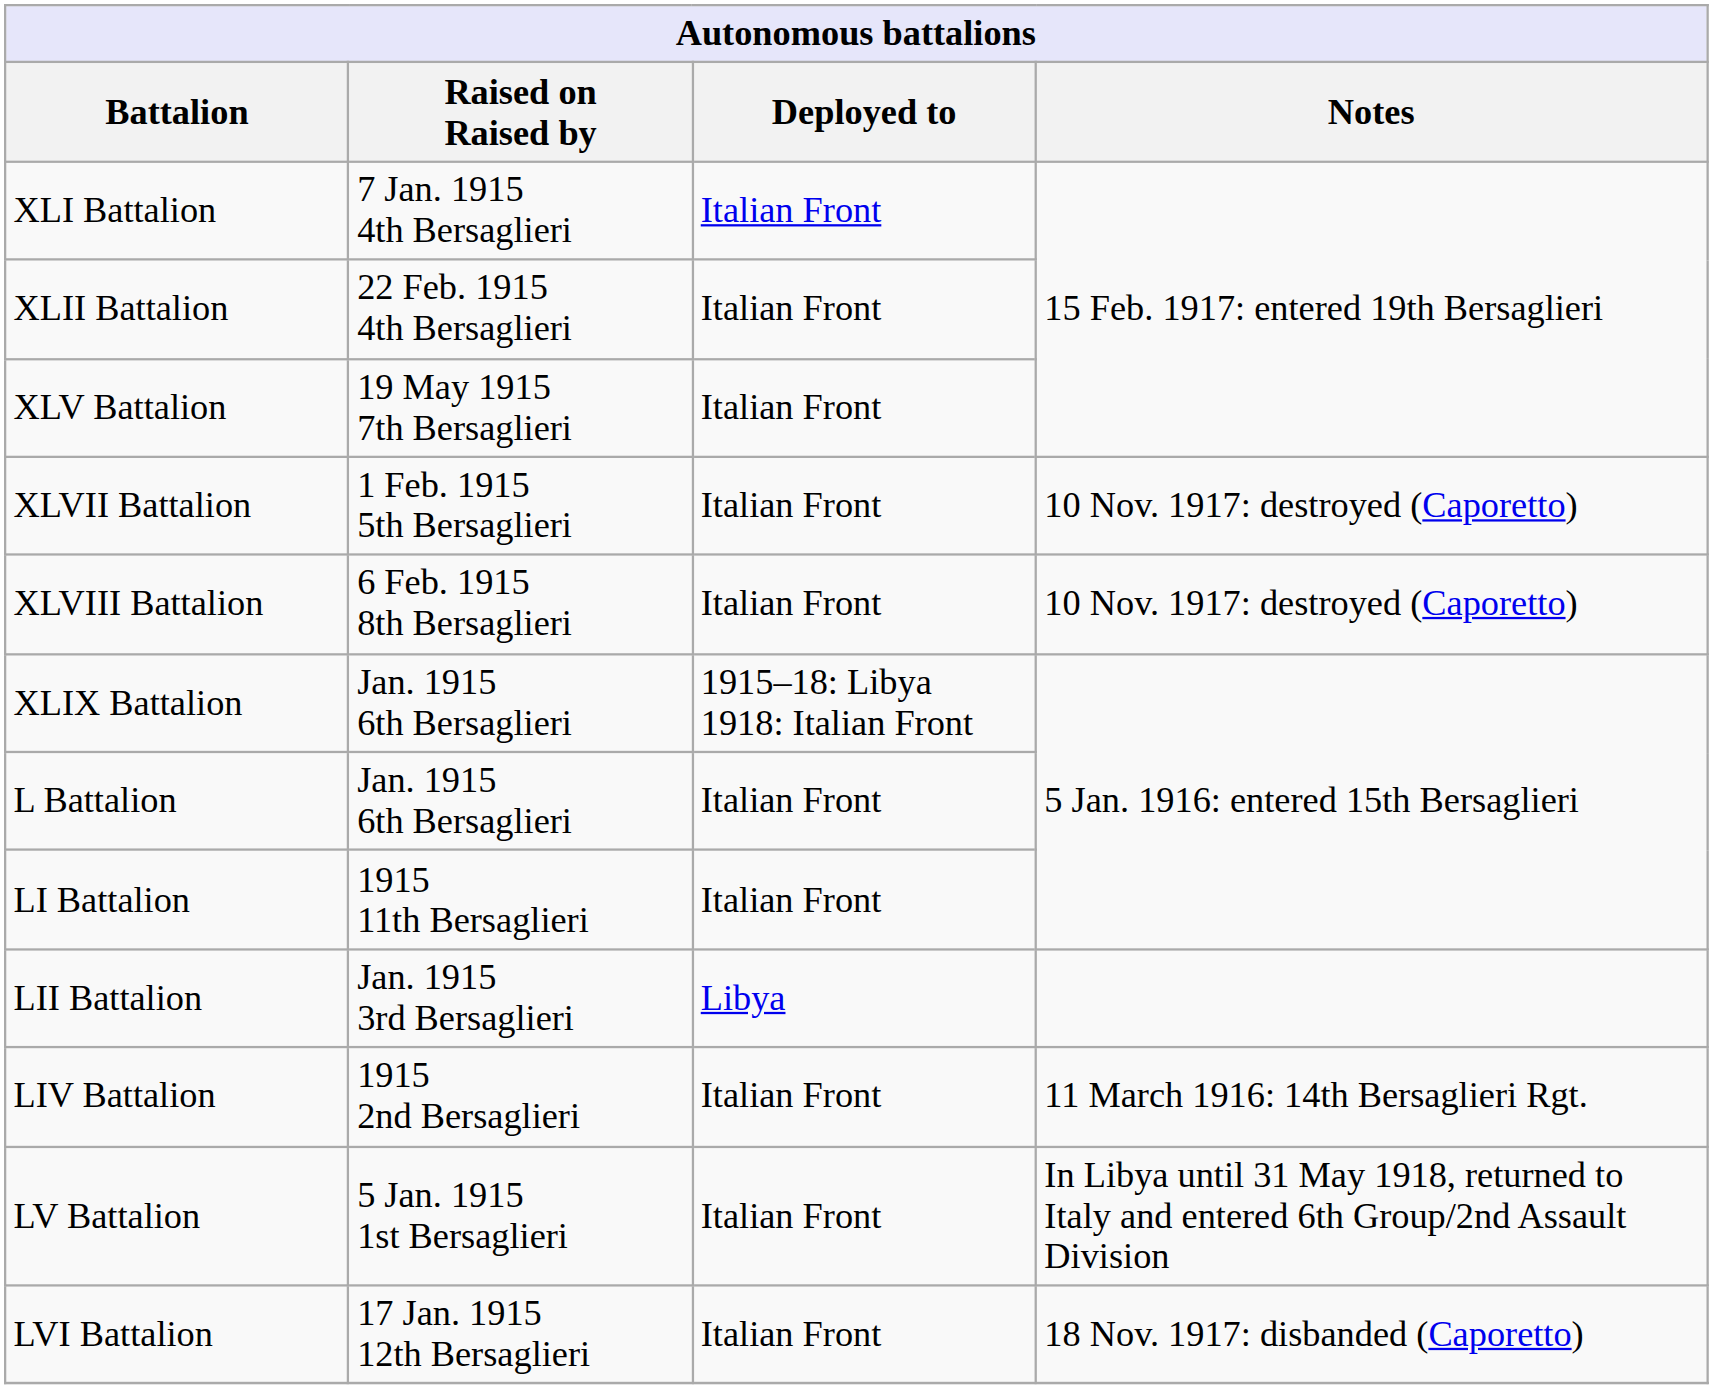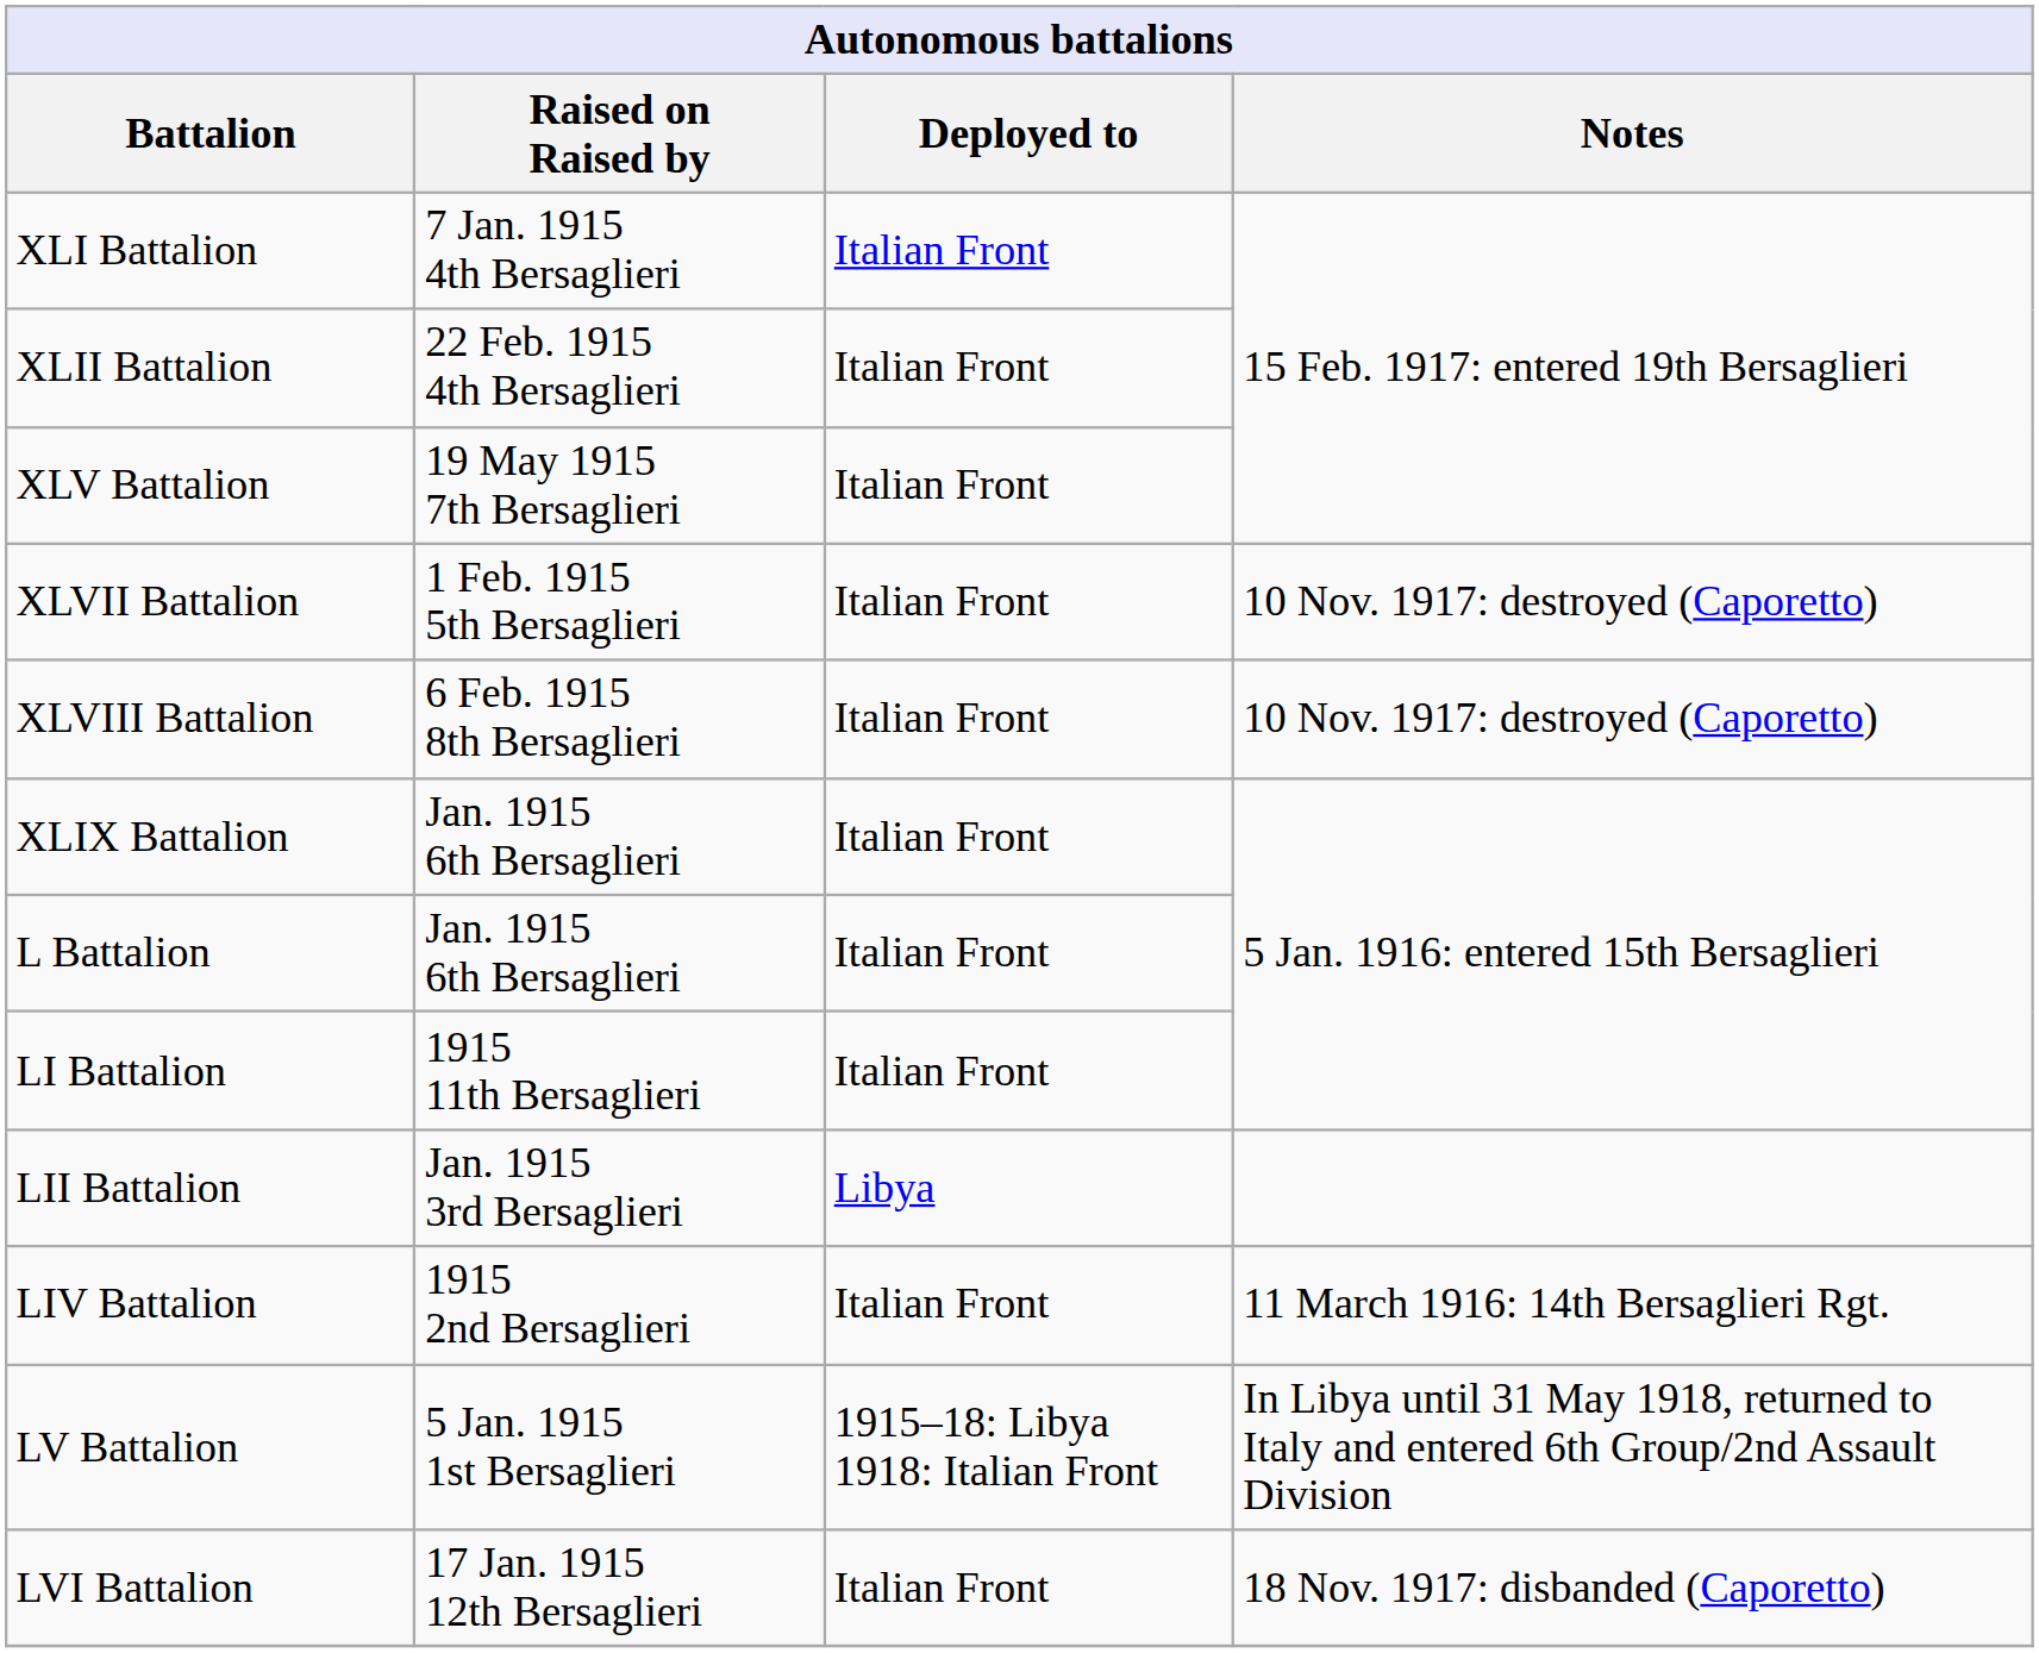 <table class="wikitable">
 <tr>
 <th style="align: center; background: lavender;" colspan="4">Autonomous battalions</th>
 </tr>
 <tr>
 <th>Battalion</th>
 <th>Raised on<br>Raised by</th>
 <th>Deployed to</th>
 <th>Notes</th>
 </tr>
 <tr>
 <td style="width: 9em;">XLI Battalion</td>
 <td style="width: 9em;">7 Jan. 1915 <br> 4th Bersaglieri</td>
 <td style="width: 9em;"><a href='#'>Italian Front</a></td>
 <td rowspan="3" colspan="1" style="width: 18em;">15 Feb. 1917: entered 19th Bersaglieri</td>
 </tr>
 <tr>
 <td>XLII Battalion</td>
 <td>22 Feb. 1915 <br> 4th Bersaglieri</td>
 <td>Italian Front</td>
 </tr>
 <tr>
 <td>XLV Battalion</td>
 <td>19 May 1915 <br> 7th Bersaglieri</td>
 <td>Italian Front</td>
 </tr>
 <tr>
 <td>XLVII Battalion</td>
 <td>1 Feb. 1915 <br> 5th Bersaglieri</td>
 <td>Italian Front</td>
 <td>10 Nov. 1917: destroyed (<a href='#'>Caporetto</a>)</td>
 </tr>
 <tr>
 <td>XLVIII Battalion</td>
 <td>6 Feb. 1915 <br> 8th Bersaglieri</td>
 <td>Italian Front</td>
 <td>10 Nov. 1917: destroyed (<a href='#'>Caporetto</a>)</td>
 </tr>
 <tr>
 <td>XLIX Battalion</td>
 <td>Jan. 1915 <br> 6th Bersaglieri</td>
-<td>1915–18: Libya<br> 1918: Italian Front</td>
+<td>Italian Front</td>
 <td rowspan="3" colspan="1">5 Jan. 1916: entered 15th Bersaglieri</td>
 </tr>
 <tr>
 <td>L Battalion</td>
 <td>Jan. 1915 <br> 6th Bersaglieri</td>
 <td>Italian Front</td>
 </tr>
 <tr>
 <td>LI Battalion</td>
 <td>1915 <br> 11th Bersaglieri</td>
 <td>Italian Front</td>
 </tr>
 <tr>
 <td>LII Battalion</td>
 <td>Jan. 1915 <br> 3rd Bersaglieri</td>
 <td><a href='#'>Libya</a></td>
 <td></td>
 </tr>
 <tr>
 <td>LIV Battalion</td>
 <td>1915 <br> 2nd Bersaglieri</td>
 <td>Italian Front</td>
 <td>11 March 1916: 14th Bersaglieri Rgt.</td>
 </tr>
 <tr>
 <td>LV Battalion</td>
 <td>5 Jan. 1915 <br> 1st Bersaglieri</td>
-<td>Italian Front</td>
+<td>1915–18: Libya<br> 1918: Italian Front</td>
 <td>In Libya until 31 May 1918, returned to Italy and entered 6th Group/2nd Assault Division</td>
 </tr>
 <tr>
 <td>LVI Battalion</td>
 <td>17 Jan. 1915 <br> 12th Bersaglieri</td>
 <td>Italian Front</td>
 <td>18 Nov. 1917: disbanded (<a href='#'>Caporetto</a>)</td>
 </tr>
 <tr>
 </tr>
 </table>
